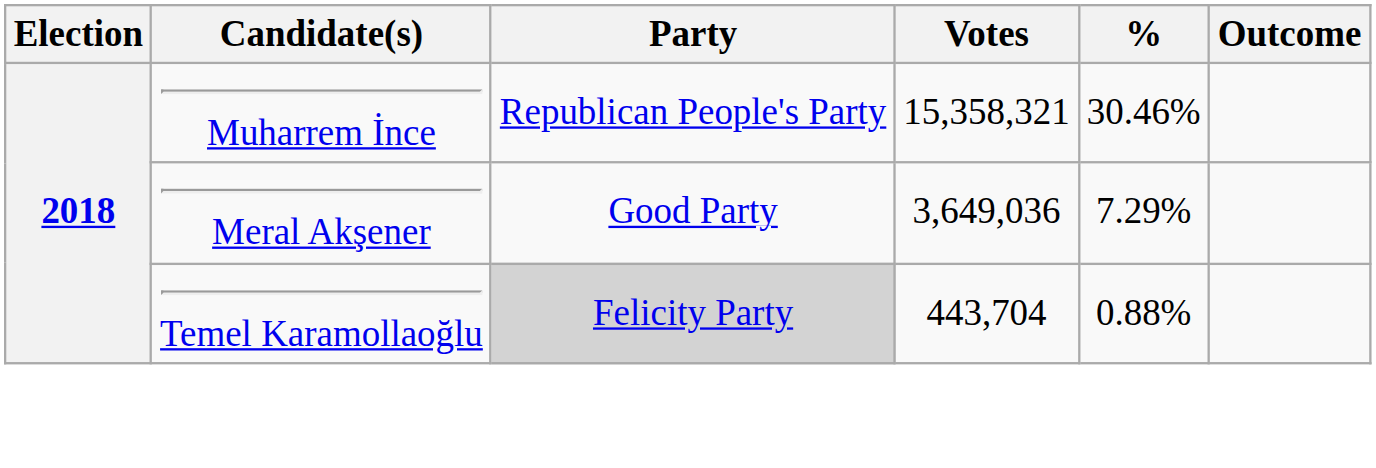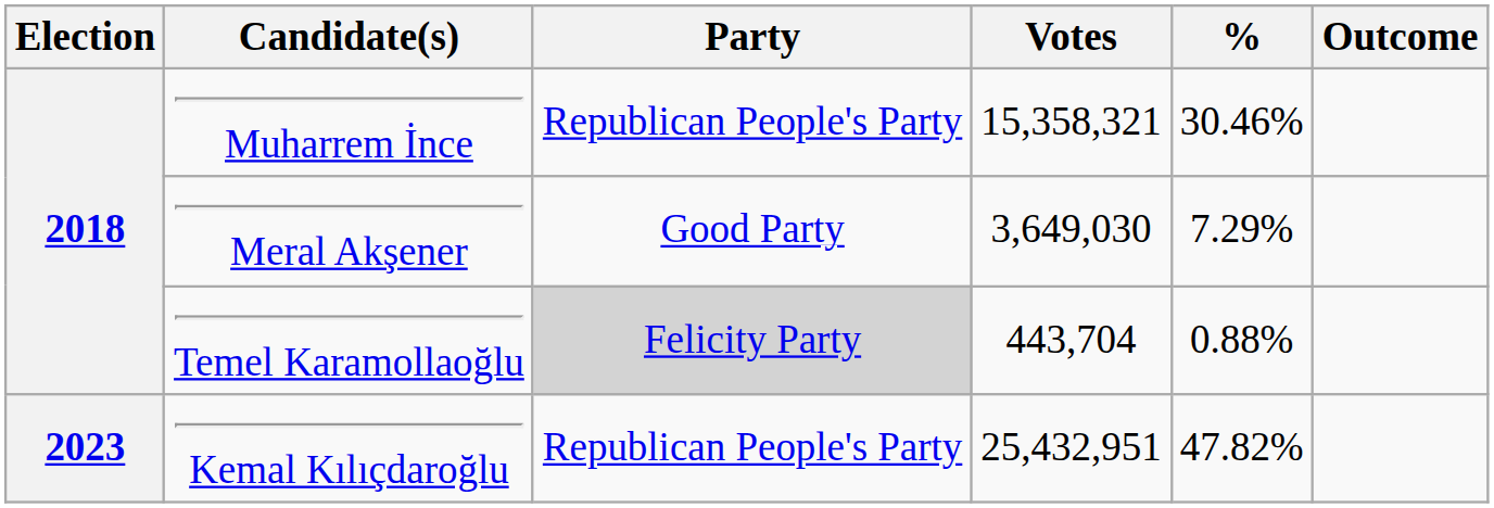 <table class="wikitable" style="text-align: center; border:none">
 <tr>
 </tr>
 <tr>
 <th>Election</th>
 <th>Candidate(s)</th>
 <th>Party</th>
 <th>Votes</th>
 <th>%</th>
 <th>Outcome</th>
 </tr>
 <tr>
 <th rowspan=3><strong><a href='#'>2018</a></strong></th>
 <td><hr><a href='#'>Muharrem İnce</a></td>
 <td><a href='#'>Republican People's Party</a></td>
 <td>15,358,321</td>
 <td>30.46%</td>
 <td></td>
 </tr>
 <tr>
 <td><hr><a href='#'>Meral Akşener</a></td>
 <td><a href='#'>Good Party</a></td>
-<td>3,649,036</td>
+<td>3,649,030</td>
 <td>7.29%</td>
 <td></td>
 </tr>
 <tr>
 <td><hr><a href='#'>Temel Karamollaoğlu</a></td>
 <td style="background: lightgrey;"><a href='#'>Felicity Party</a></td>
 <td>443,704</td>
 <td>0.88%</td>
 <td></td>
 </tr>
+<tr>
+<th><strong><a href='#'>2023</a></strong></th>
+<td><hr><a href='#'>Kemal Kılıçdaroğlu</a></td>
+<td><a href='#'>Republican People's Party</a></td>
+<td>25,432,951</td>
+<td>47.82%</td>
+<td></td>
+</tr>
 </table>
